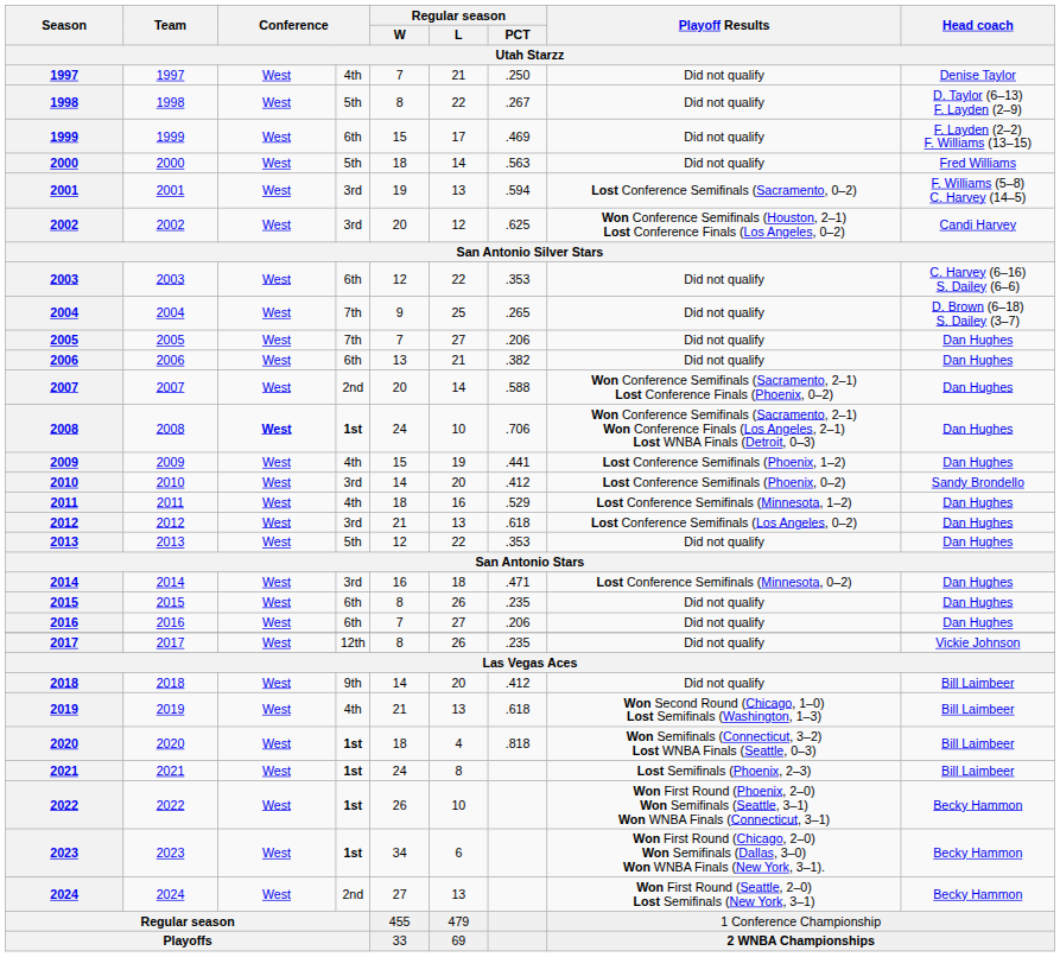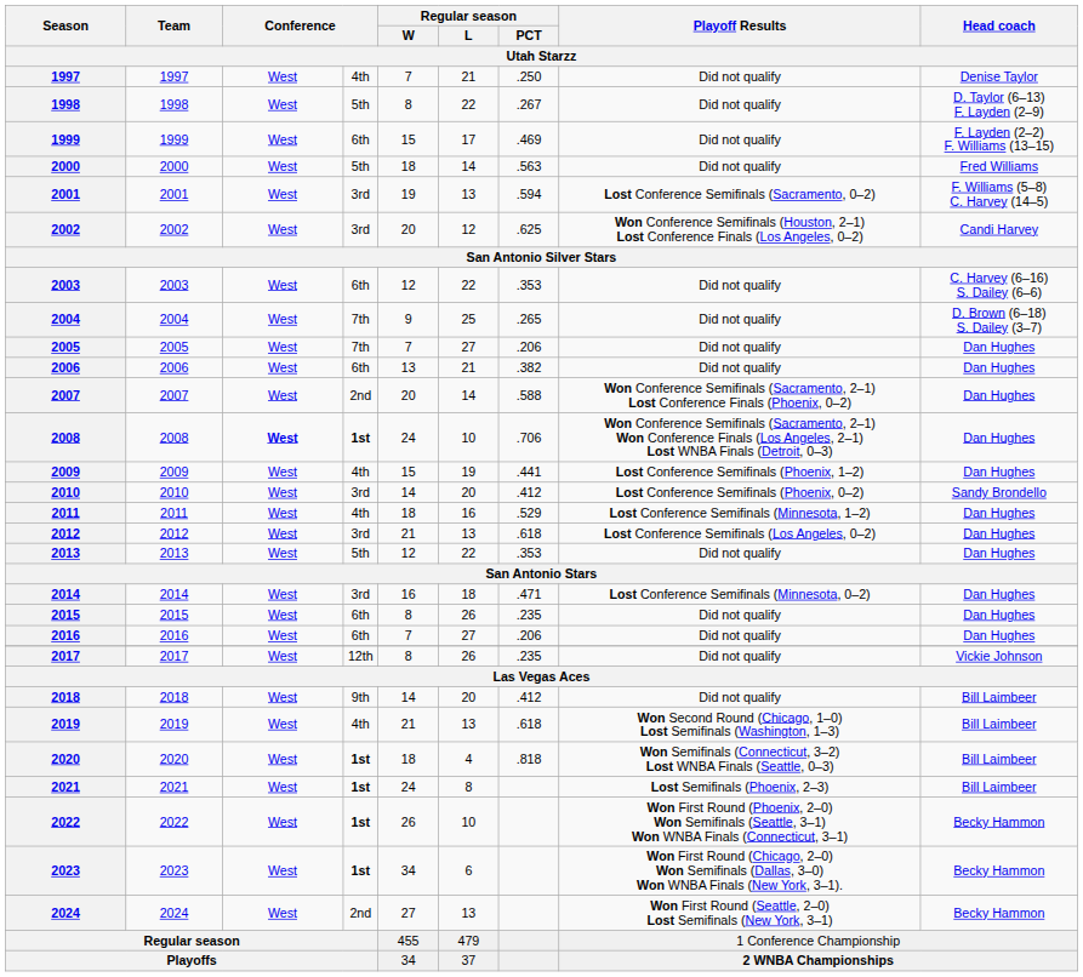 <table class="wikitable" style="margin:1em auto; font-size:95%; text-align: center; min-width: 85%;">
 <tr>
 <th rowspan=2 style="width: 10%;">Season</th>
 <th rowspan=2 style="width: 8%;">Team</th>
 <th rowspan=2 colspan=2 style="width: 12%;">Conference</th>
 <th colspan=3 style="width: 15%;">Regular season</th>
 <th rowspan=2 style="width: 30%;"><a href='#'>Playoff</a> Results</th>
 <th rowspan=2 style="width: 13%;"><a href='#'>Head coach</a></th>
 </tr>
 <tr>
 <th style="width: 5%;">W</th>
 <th style="width: 5%;">L</th>
 <th style="width: 5%;">PCT</th>
 </tr>
 <tr>
 <th colspan=9>Utah Starzz</th>
 </tr>
 <tr>
 <th><a href='#'>1997</a></th>
 <td><a href='#'>1997</a></td>
 <td style="width: 10%"><a href='#'>West</a></td>
 <td>4th</td>
 <td>7</td>
 <td>21</td>
 <td>.250</td>
 <td>Did not qualify</td>
 <td><a href='#'>Denise Taylor</a></td>
 </tr>
 <tr>
 <th><a href='#'>1998</a></th>
 <td><a href='#'>1998</a></td>
 <td style="width: 10%"><a href='#'>West</a></td>
 <td>5th</td>
 <td>8</td>
 <td>22</td>
 <td>.267</td>
 <td>Did not qualify</td>
 <td><a href='#'>D. Taylor</a> (6–13)<br><a href='#'>F. Layden</a> (2–9)</td>
 </tr>
 <tr>
 <th><a href='#'>1999</a></th>
 <td><a href='#'>1999</a></td>
 <td style="width: 10%"><a href='#'>West</a></td>
 <td>6th</td>
 <td>15</td>
 <td>17</td>
 <td>.469</td>
 <td>Did not qualify</td>
 <td><a href='#'>F. Layden</a> (2–2)<br><a href='#'>F. Williams</a> (13–15)</td>
 </tr>
 <tr>
 <th><a href='#'>2000</a></th>
 <td><a href='#'>2000</a></td>
 <td style="width: 10%"><a href='#'>West</a></td>
 <td>5th</td>
 <td>18</td>
 <td>14</td>
 <td>.563</td>
 <td>Did not qualify</td>
 <td><a href='#'>Fred Williams</a></td>
 </tr>
 <tr>
 <th><a href='#'>2001</a></th>
 <td><a href='#'>2001</a></td>
 <td style="width: 10%"><a href='#'>West</a></td>
 <td>3rd</td>
 <td>19</td>
 <td>13</td>
 <td>.594</td>
 <td><strong>Lost</strong> Conference Semifinals (<a href='#'>Sacramento</a>, 0–2)</td>
 <td><a href='#'>F. Williams</a> (5–8)<br><a href='#'>C. Harvey</a> (14–5)</td>
 </tr>
 <tr>
 <th><a href='#'>2002</a></th>
 <td><a href='#'>2002</a></td>
 <td style="width: 10%"><a href='#'>West</a></td>
 <td>3rd</td>
 <td>20</td>
 <td>12</td>
 <td>.625</td>
 <td><strong>Won</strong> Conference Semifinals (<a href='#'>Houston</a>, 2–1)<br><strong>Lost</strong> Conference Finals (<a href='#'>Los Angeles</a>, 0–2)</td>
 <td><a href='#'>Candi Harvey</a></td>
 </tr>
 <tr>
 <th colspan=9>San Antonio Silver Stars</th>
 </tr>
 <tr>
 <th><a href='#'>2003</a></th>
 <td><a href='#'>2003</a></td>
 <td style="width: 10%"><a href='#'>West</a></td>
 <td>6th</td>
 <td>12</td>
 <td>22</td>
 <td>.353</td>
 <td>Did not qualify</td>
 <td><a href='#'>C. Harvey</a> (6–16)<br><a href='#'>S. Dailey</a> (6–6)</td>
 </tr>
 <tr>
 <th><a href='#'>2004</a></th>
 <td><a href='#'>2004</a></td>
 <td style="width: 10%"><a href='#'>West</a></td>
 <td>7th</td>
 <td>9</td>
 <td>25</td>
 <td>.265</td>
 <td>Did not qualify</td>
 <td><a href='#'>D. Brown</a> (6–18)<br><a href='#'>S. Dailey</a> (3–7)</td>
 </tr>
 <tr>
 <th><a href='#'>2005</a></th>
 <td><a href='#'>2005</a></td>
 <td style="width: 10%"><a href='#'>West</a></td>
 <td>7th</td>
 <td>7</td>
 <td>27</td>
 <td>.206</td>
 <td>Did not qualify</td>
 <td><a href='#'>Dan Hughes</a></td>
 </tr>
 <tr>
 <th><a href='#'>2006</a></th>
 <td><a href='#'>2006</a></td>
 <td style="width: 10%"><a href='#'>West</a></td>
 <td>6th</td>
 <td>13</td>
 <td>21</td>
 <td>.382</td>
 <td>Did not qualify</td>
 <td><a href='#'>Dan Hughes</a></td>
 </tr>
 <tr>
 <th><a href='#'>2007</a></th>
 <td><a href='#'>2007</a></td>
 <td style="width: 10%"><a href='#'>West</a></td>
 <td>2nd</td>
 <td>20</td>
 <td>14</td>
 <td>.588</td>
 <td><strong>Won</strong> Conference Semifinals (<a href='#'>Sacramento</a>, 2–1)<br><strong>Lost</strong> Conference Finals (<a href='#'>Phoenix</a>, 0–2)</td>
 <td><a href='#'>Dan Hughes</a></td>
 </tr>
 <tr>
 <th><a href='#'>2008</a></th>
 <td><a href='#'>2008</a></td>
 <td style="width: 10%"><strong><a href='#'>West</a></strong></td>
 <td><strong>1st</strong></td>
 <td>24</td>
 <td>10</td>
 <td>.706</td>
 <td><strong>Won</strong> Conference Semifinals (<a href='#'>Sacramento</a>, 2–1)<br><strong>Won</strong> Conference Finals (<a href='#'>Los Angeles</a>, 2–1)<br><strong>Lost</strong> WNBA Finals (<a href='#'>Detroit</a>, 0–3)</td>
 <td><a href='#'>Dan Hughes</a></td>
 </tr>
 <tr>
 <th><a href='#'>2009</a></th>
 <td><a href='#'>2009</a></td>
 <td style="width: 10%"><a href='#'>West</a></td>
 <td>4th</td>
 <td>15</td>
 <td>19</td>
 <td>.441</td>
 <td><strong>Lost</strong> Conference Semifinals (<a href='#'>Phoenix</a>, 1–2)</td>
 <td><a href='#'>Dan Hughes</a></td>
 </tr>
 <tr>
 <th><a href='#'>2010</a></th>
 <td><a href='#'>2010</a></td>
 <td style="width: 10%"><a href='#'>West</a></td>
 <td>3rd</td>
 <td>14</td>
 <td>20</td>
 <td>.412</td>
 <td><strong>Lost</strong> Conference Semifinals (<a href='#'>Phoenix</a>, 0–2)</td>
 <td><a href='#'>Sandy Brondello</a></td>
 </tr>
 <tr>
 <th><a href='#'>2011</a></th>
 <td><a href='#'>2011</a></td>
 <td style="width: 10%"><a href='#'>West</a></td>
 <td>4th</td>
 <td>18</td>
 <td>16</td>
 <td>.529</td>
 <td><strong>Lost</strong> Conference Semifinals (<a href='#'>Minnesota</a>, 1–2)</td>
 <td><a href='#'>Dan Hughes</a></td>
 </tr>
 <tr>
 <th><a href='#'>2012</a></th>
 <td><a href='#'>2012</a></td>
 <td style="width: 10%"><a href='#'>West</a></td>
 <td>3rd</td>
 <td>21</td>
 <td>13</td>
 <td>.618</td>
 <td><strong>Lost</strong> Conference Semifinals (<a href='#'>Los Angeles</a>, 0–2)</td>
 <td><a href='#'>Dan Hughes</a></td>
 </tr>
 <tr>
 <th><a href='#'>2013</a></th>
 <td><a href='#'>2013</a></td>
 <td style="width: 10%"><a href='#'>West</a></td>
 <td>5th</td>
 <td>12</td>
 <td>22</td>
 <td>.353</td>
 <td>Did not qualify</td>
 <td><a href='#'>Dan Hughes</a></td>
 </tr>
 <tr>
 <th colspan=9>San Antonio Stars</th>
 </tr>
 <tr>
 <th><a href='#'>2014</a></th>
 <td><a href='#'>2014</a></td>
 <td style="width: 10%"><a href='#'>West</a></td>
 <td>3rd</td>
 <td>16</td>
 <td>18</td>
 <td>.471</td>
 <td><strong>Lost</strong> Conference Semifinals (<a href='#'>Minnesota</a>, 0–2)</td>
 <td><a href='#'>Dan Hughes</a></td>
 </tr>
 <tr>
 <th><a href='#'>2015</a></th>
 <td><a href='#'>2015</a></td>
 <td style="width: 10%"><a href='#'>West</a></td>
 <td>6th</td>
 <td>8</td>
 <td>26</td>
 <td>.235</td>
 <td>Did not qualify</td>
 <td><a href='#'>Dan Hughes</a></td>
 </tr>
 <tr>
 <th><a href='#'>2016</a></th>
 <td><a href='#'>2016</a></td>
 <td style="width: 10%"><a href='#'>West</a></td>
 <td>6th</td>
 <td>7</td>
 <td>27</td>
 <td>.206</td>
 <td>Did not qualify</td>
 <td><a href='#'>Dan Hughes</a></td>
 </tr>
 <tr style="background:#f0f0f0">
 </tr>
 <tr>
 <th><a href='#'>2017</a></th>
 <td><a href='#'>2017</a></td>
 <td style="width: 10%"><a href='#'>West</a></td>
 <td>12th</td>
 <td>8</td>
 <td>26</td>
 <td>.235</td>
 <td>Did not qualify</td>
 <td><a href='#'>Vickie Johnson</a></td>
 </tr>
 <tr>
 <th colspan=9>Las Vegas Aces</th>
 </tr>
 <tr>
 <th><a href='#'>2018</a></th>
 <td><a href='#'>2018</a></td>
 <td style="width: 10%"><a href='#'>West</a></td>
 <td>9th</td>
 <td>14</td>
 <td>20</td>
 <td>.412</td>
 <td>Did not qualify</td>
 <td><a href='#'>Bill Laimbeer</a></td>
 </tr>
 <tr>
 <th><a href='#'>2019</a></th>
 <td><a href='#'>2019</a></td>
 <td style="width: 10%"><a href='#'>West</a></td>
 <td>4th</td>
 <td>21</td>
 <td>13</td>
 <td>.618</td>
 <td><strong>Won</strong> Second Round (<a href='#'>Chicago</a>, 1–0)<br><strong>Lost</strong> Semifinals (<a href='#'>Washington</a>, 1–3)</td>
 <td><a href='#'>Bill Laimbeer</a></td>
 </tr>
 <tr>
 <th><a href='#'>2020</a></th>
 <td><a href='#'>2020</a></td>
 <td style="width: 10%"><a href='#'>West</a></td>
 <td><strong>1st</strong></td>
 <td>18</td>
 <td>4</td>
 <td>.818</td>
 <td><strong>Won</strong> Semifinals (<a href='#'>Connecticut</a>, 3–2)<br> <strong>Lost</strong> WNBA Finals (<a href='#'>Seattle</a>, 0–3)</td>
 <td><a href='#'>Bill Laimbeer</a></td>
 </tr>
 <tr>
 <th><a href='#'>2021</a></th>
 <td><a href='#'>2021</a></td>
 <td style="width: 10%"><a href='#'>West</a></td>
 <td><strong>1st</strong></td>
 <td>24</td>
 <td>8</td>
 <td></td>
 <td><strong>Lost</strong> Semifinals (<a href='#'>Phoenix</a>, 2–3)</td>
 <td><a href='#'>Bill Laimbeer</a></td>
 </tr>
 <tr>
 <th><a href='#'>2022</a></th>
 <td><a href='#'>2022</a></td>
 <td style="width: 10%"><a href='#'>West</a></td>
 <td><strong>1st</strong></td>
 <td>26</td>
 <td>10</td>
 <td></td>
 <td><strong>Won</strong> First Round (<a href='#'>Phoenix</a>, 2–0)<br> <strong>Won</strong> Semifinals (<a href='#'>Seattle</a>, 3–1)<br> <strong>Won</strong> WNBA Finals (<a href='#'>Connecticut</a>, 3–1)</td>
 <td><a href='#'>Becky Hammon</a></td>
 </tr>
 <tr>
 <th><a href='#'>2023</a></th>
 <td><a href='#'>2023</a></td>
 <td style="width: 10%"><a href='#'>West</a></td>
 <td><strong>1st</strong></td>
 <td>34</td>
 <td>6</td>
 <td></td>
 <td><strong>Won</strong> First Round (<a href='#'>Chicago</a>, 2–0)<br> <strong>Won</strong> Semifinals (<a href='#'>Dallas</a>, 3–0)<br> <strong>Won</strong> WNBA Finals (<a href='#'>New York</a>, 3–1).</td>
 <td><a href='#'>Becky Hammon</a></td>
 </tr>
 <tr>
 <th><a href='#'>2024</a></th>
 <td><a href='#'>2024</a></td>
 <td style="width: 10%"><a href='#'>West</a></td>
 <td>2nd</td>
 <td>27</td>
 <td>13</td>
 <td></td>
 <td><strong>Won</strong> First Round (<a href='#'>Seattle</a>, 2–0)<br> <strong>Lost</strong> Semifinals (<a href='#'>New York</a>, 3–1)</td>
 <td><a href='#'>Becky Hammon</a></td>
 </tr>
 <tr style="background:#f0f0f0">
 <th colspan=4>Regular season</th>
 <td>455</td>
 <td>479</td>
 <td></td>
 <td colspan=2>1 Conference Championship</td>
 </tr>
 <tr style="background:#f0f0f0">
 <th colspan=4>Playoffs</th>
-<td>33</td>
-<td>69</td>
+<td>34</td>
+<td>37</td>
 <td></td>
 <td colspan=2><strong>2 WNBA Championships</strong></td>
 </tr>
 </table>
